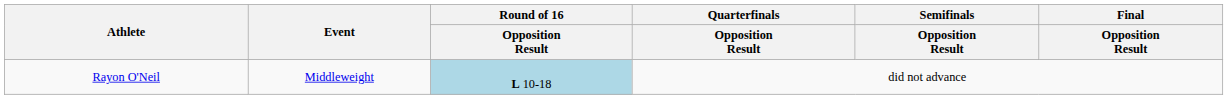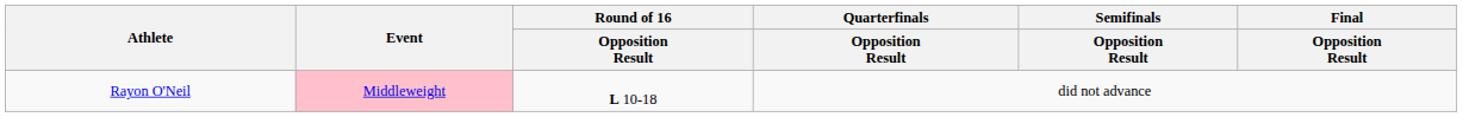 <table class="wikitable" style="font-size:95%; text-align:center;" width="95%">
 <tr>
 <th rowspan="2">Athlete</th>
 <th rowspan="2">Event</th>
 <th>Round of 16</th>
 <th>Quarterfinals</th>
 <th>Semifinals</th>
 <th>Final</th>
 </tr>
 <tr>
 <th>Opposition<br>Result</th>
 <th>Opposition<br>Result</th>
 <th>Opposition<br>Result</th>
 <th>Opposition<br>Result</th>
 </tr>
 <tr>
 <td width=20%><a href='#'>Rayon O'Neil</a></td>
-<td width=15%><a href='#'>Middleweight</a></td>
-<td style="background: lightblue;"><br><strong>L</strong> 10-18</td>
+<td width=15% style="background: pink;"><a href='#'>Middleweight</a></td>
+<td><br><strong>L</strong> 10-18</td>
 <td colspan=3>did not advance</td>
 </tr>
 </table>
